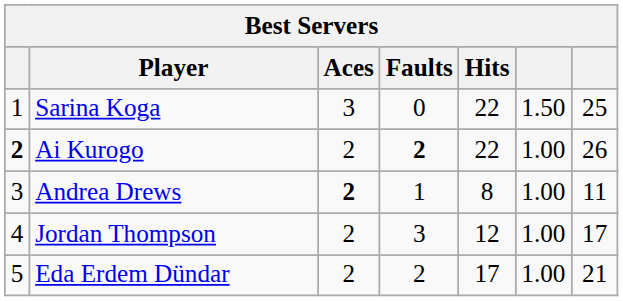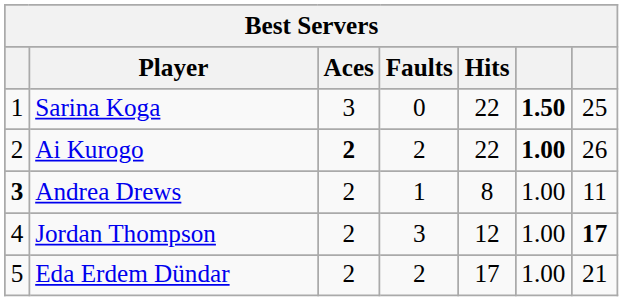 <table class="wikitable sortable" style=font-size:90%>
 <tr>
 <th colspan=7>Best Servers</th>
 </tr>
 <tr>
 <th></th>
 <th width=158>Player</th>
 <th width=20>Aces</th>
 <th width=20>Faults</th>
 <th width=20>Hits</th>
 <th width=20></th>
 <th width=20></th>
 </tr>
 <tr>
 <td>1</td>
 <td> <a href='#'>Sarina Koga</a></td>
 <td align=center>3</td>
 <td align=center>0</td>
 <td align=center>22</td>
-<td align=center>1.50</td>
+<td align=center><strong>1.50</strong></td>
 <td align=center>25</td>
 </tr>
 <tr>
-<td><strong>2</strong></td>
+<td>2</td>
 <td> <a href='#'>Ai Kurogo</a></td>
+<td align=center><strong>2</strong></td>
 <td align=center>2</td>
-<td align=center><strong>2</strong></td>
 <td align=center>22</td>
-<td align=center>1.00</td>
+<td align=center><strong>1.00</strong></td>
 <td align=center>26</td>
 </tr>
 <tr>
-<td>3</td>
+<td><strong>3</strong></td>
 <td> <a href='#'>Andrea Drews</a></td>
-<td align=center><strong>2</strong></td>
+<td align=center>2</td>
 <td align=center>1</td>
 <td align=center>8</td>
 <td align=center>1.00</td>
 <td align=center>11</td>
 </tr>
 <tr>
 <td>4</td>
 <td> <a href='#'>Jordan Thompson</a></td>
 <td align=center>2</td>
 <td align=center>3</td>
 <td align=center>12</td>
 <td align=center>1.00</td>
-<td align=center>17</td>
+<td align=center><strong>17</strong></td>
 </tr>
 <tr>
 <td>5</td>
 <td> <a href='#'>Eda Erdem Dündar</a></td>
 <td align=center>2</td>
 <td align=center>2</td>
 <td align=center>17</td>
 <td align=center>1.00</td>
 <td align=center>21</td>
 </tr>
 </table>
